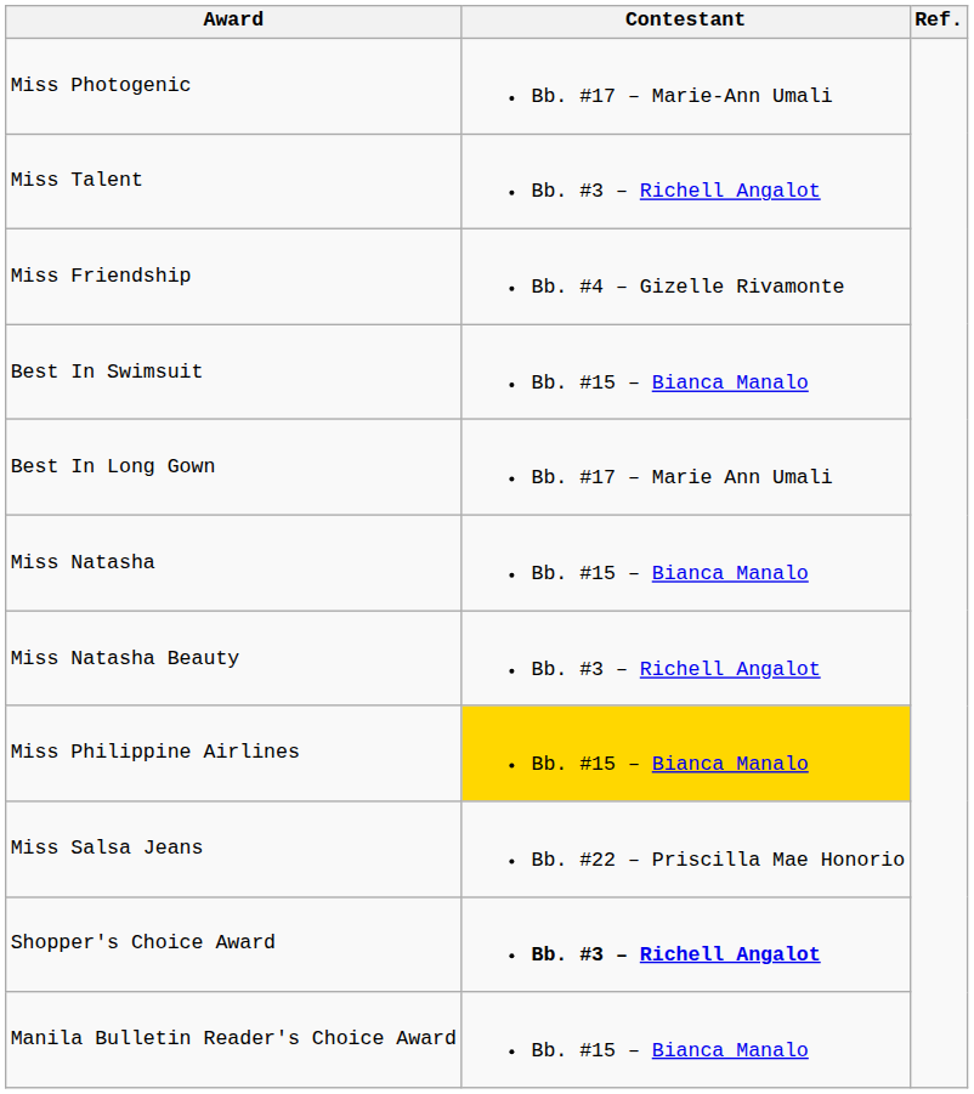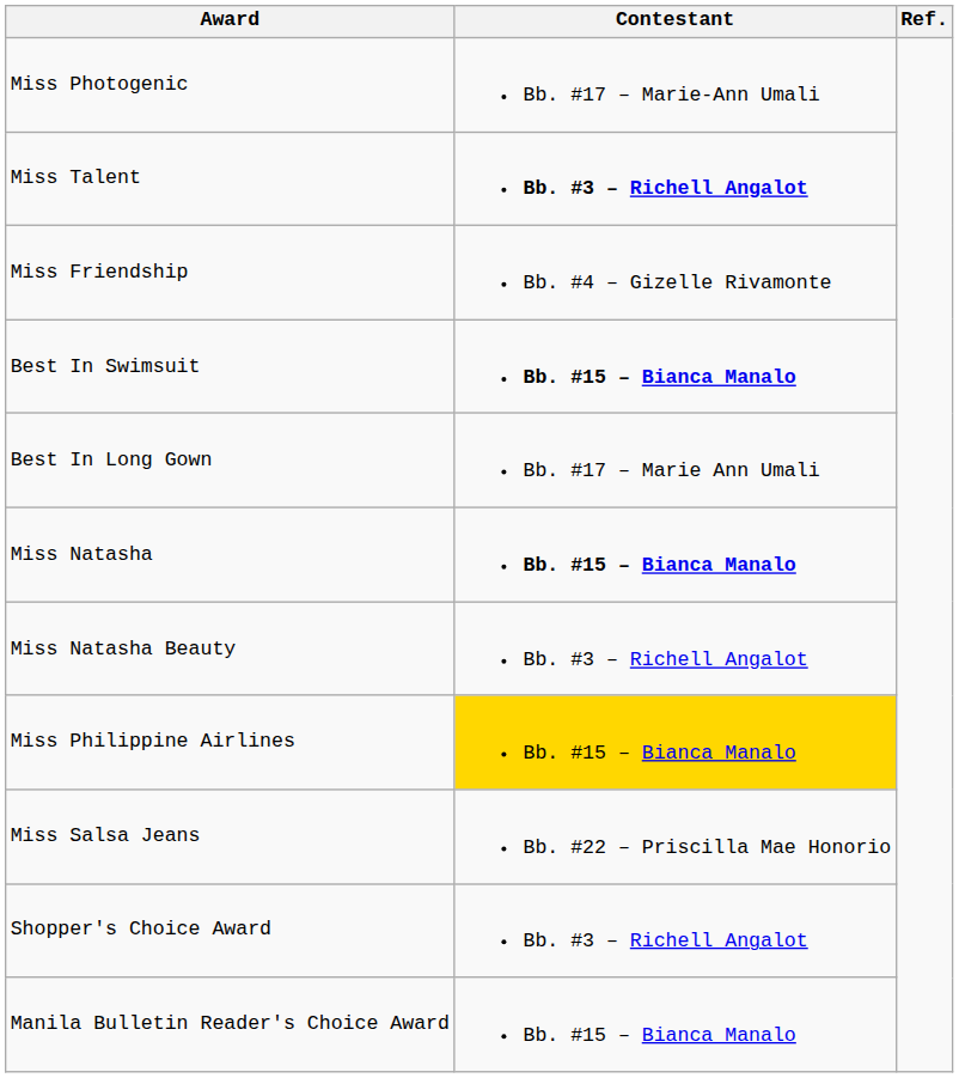 <table class="wikitable sortable" style="font-size: 95%;">
 <tr>
 <th>Award</th>
 <th>Contestant</th>
 <th>Ref.</th>
 </tr>
 <tr>
 <td>Miss Photogenic</td>
 <td><br><ul><li>Bb. #17 – Marie-Ann Umali</li></ul></td>
 <td rowspan="11"></td>
 </tr>
 <tr>
 <td>Miss Talent</td>
-<td><br><ul><li>Bb. #3 – <a href='#'>Richell Angalot</a></li></ul></td>
+<td><strong><br><ul><li>Bb. #3 – <a href='#'>Richell Angalot</a></li></ul></strong></td>
 </tr>
 <tr>
 <td>Miss Friendship</td>
 <td><br><ul><li>Bb. #4 – Gizelle Rivamonte</li></ul></td>
 </tr>
 <tr>
 <td>Best In Swimsuit</td>
-<td><br><ul><li>Bb. #15 – <a href='#'>Bianca Manalo</a></li></ul></td>
+<td><strong><br><ul><li>Bb. #15 – <a href='#'>Bianca Manalo</a></li></ul></strong></td>
 </tr>
 <tr>
 <td>Best In Long Gown</td>
 <td><br><ul><li>Bb. #17 – Marie Ann Umali</li></ul></td>
 </tr>
 <tr>
 <td>Miss Natasha</td>
-<td><br><ul><li>Bb. #15 – <a href='#'>Bianca Manalo</a></li></ul></td>
+<td><strong><br><ul><li>Bb. #15 – <a href='#'>Bianca Manalo</a></li></ul></strong></td>
 </tr>
 <tr>
 <td>Miss Natasha Beauty</td>
 <td><br><ul><li>Bb. #3 – <a href='#'>Richell Angalot</a></li></ul></td>
 </tr>
 <tr>
 <td>Miss Philippine Airlines</td>
 <td style="background: gold;"><br><ul><li>Bb. #15 – <a href='#'>Bianca Manalo</a></li></ul></td>
 </tr>
 <tr>
 <td>Miss Salsa Jeans</td>
 <td><br><ul><li>Bb. #22 – Priscilla Mae Honorio</li></ul></td>
 </tr>
 <tr>
 <td>Shopper's Choice Award</td>
-<td><strong><br><ul><li>Bb. #3 – <a href='#'>Richell Angalot</a></li></ul></strong></td>
+<td><br><ul><li>Bb. #3 – <a href='#'>Richell Angalot</a></li></ul></td>
 </tr>
 <tr>
 <td>Manila Bulletin Reader's Choice Award</td>
 <td><br><ul><li>Bb. #15 – <a href='#'>Bianca Manalo</a></li></ul></td>
 </tr>
 </table>
